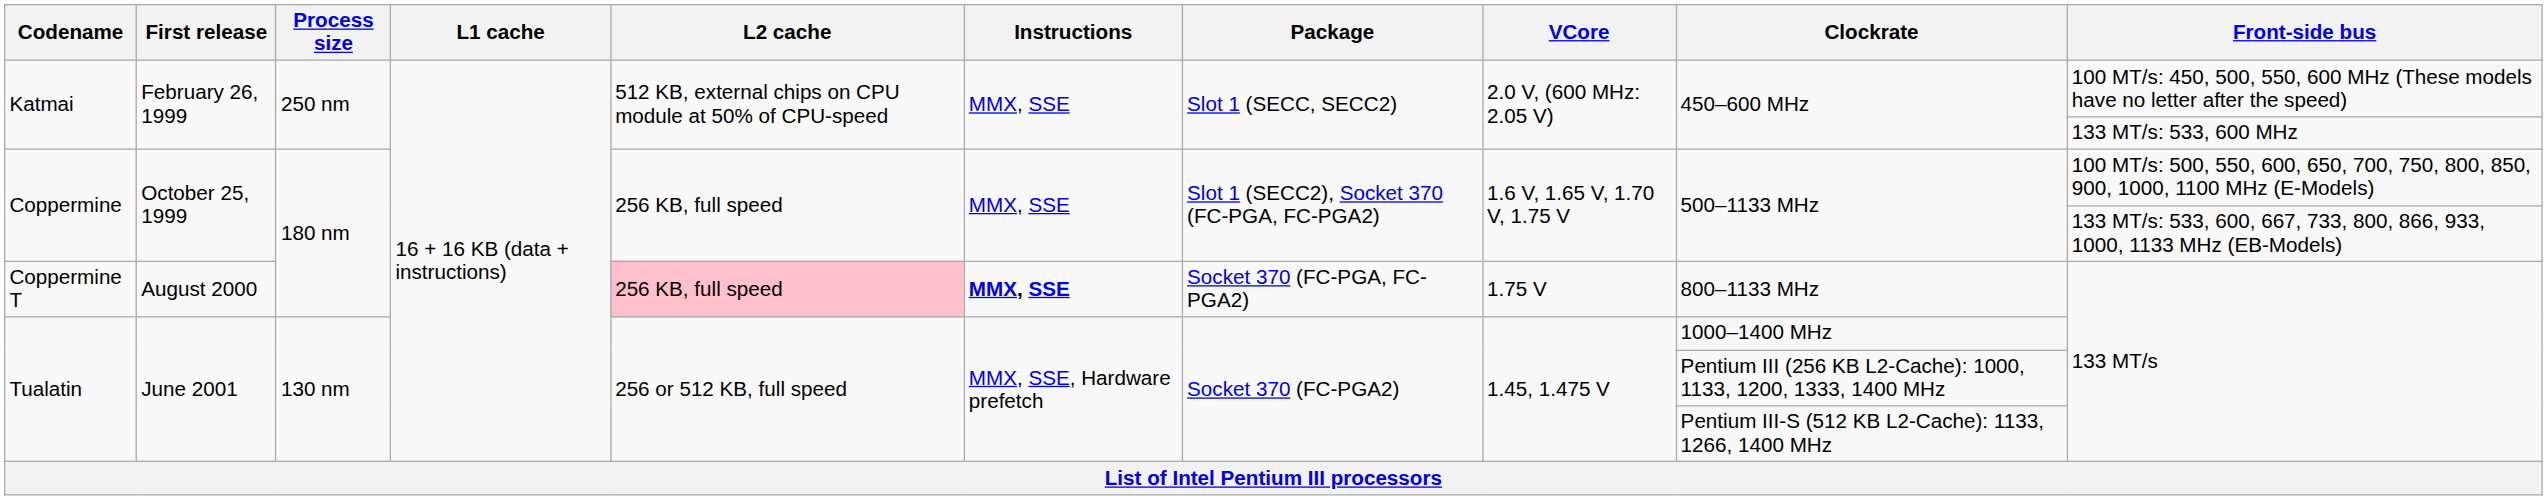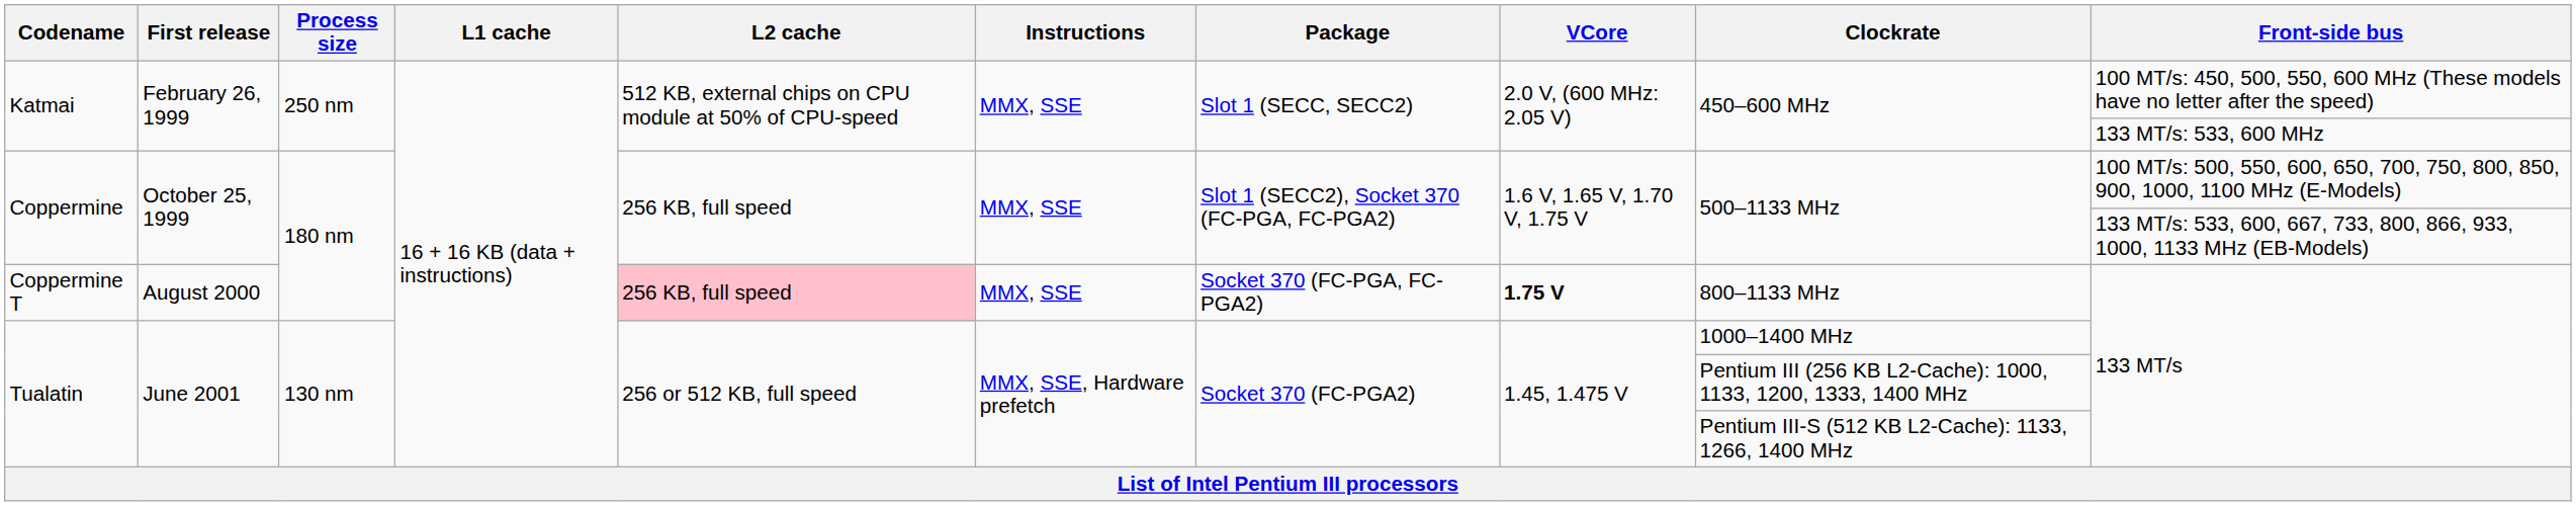 <table class="wikitable sortable">
 <tr>
 <th>Codename</th>
 <th>First release</th>
 <th><a href='#'>Process size</a></th>
 <th>L1 cache</th>
 <th>L2 cache</th>
 <th>Instructions</th>
 <th>Package</th>
 <th><a href='#'>VCore</a></th>
 <th>Clockrate</th>
 <th><a href='#'>Front-side bus</a></th>
 </tr>
 <tr>
 <td rowspan="2">Katmai</td>
 <td rowspan="2">February 26, 1999</td>
 <td rowspan="2">250 nm</td>
 <td rowspan="8">16 + 16 KB (data + instructions)</td>
 <td rowspan="2">512 KB, external chips on CPU module at 50% of CPU-speed</td>
 <td rowspan="2"><a href='#'>MMX</a>, <a href='#'>SSE</a></td>
 <td rowspan="2"><a href='#'>Slot 1</a> (SECC, SECC2)</td>
 <td rowspan="2">2.0 V, (600 MHz: 2.05 V)</td>
 <td rowspan="2">450–600 MHz</td>
 <td>100 MT/s: 450, 500, 550, 600 MHz (These models have no letter after the speed)</td>
 </tr>
 <tr>
 <td>133 MT/s: 533, 600 MHz</td>
 </tr>
 <tr>
 <td rowspan="2">Coppermine</td>
 <td rowspan="2">October 25, 1999</td>
 <td rowspan="3">180 nm</td>
 <td rowspan="2">256 KB, full speed</td>
 <td rowspan="2"><a href='#'>MMX</a>, <a href='#'>SSE</a></td>
 <td rowspan="2"><a href='#'>Slot 1</a> (SECC2), <a href='#'>Socket 370</a> (FC-PGA, FC-PGA2)</td>
 <td rowspan="2">1.6 V, 1.65 V, 1.70 V, 1.75 V</td>
 <td rowspan="2">500–1133 MHz</td>
 <td>100 MT/s: 500, 550, 600, 650, 700, 750, 800, 850, 900, 1000, 1100 MHz (E-Models)</td>
 </tr>
 <tr>
 <td>133 MT/s: 533, 600, 667, 733, 800, 866, 933, 1000, 1133 MHz (EB-Models)</td>
 </tr>
 <tr>
 <td>Coppermine T</td>
 <td>August 2000</td>
 <td style="background: pink;">256 KB, full speed</td>
-<td><strong><a href='#'>MMX</a>, <a href='#'>SSE</a></strong></td>
+<td><a href='#'>MMX</a>, <a href='#'>SSE</a></td>
 <td><a href='#'>Socket 370</a> (FC-PGA, FC-PGA2)</td>
-<td>1.75 V</td>
+<td><strong>1.75 V</strong></td>
 <td>800–1133 MHz</td>
 <td rowspan="4">133 MT/s</td>
 </tr>
 <tr>
 <td rowspan="3">Tualatin</td>
 <td rowspan="3">June 2001</td>
 <td rowspan="3">130 nm</td>
 <td rowspan="3">256 or 512 KB, full speed</td>
 <td rowspan="3"><a href='#'>MMX</a>, <a href='#'>SSE</a>, Hardware prefetch</td>
 <td rowspan="3"><a href='#'>Socket 370</a> (FC-PGA2)</td>
 <td rowspan="3">1.45, 1.475 V</td>
 <td>1000–1400 MHz</td>
 </tr>
 <tr>
 <td>Pentium III (256 KB L2-Cache): 1000, 1133, 1200, 1333, 1400 MHz</td>
 </tr>
 <tr>
 <td>Pentium III-S (512 KB L2-Cache): 1133, 1266, 1400 MHz</td>
 </tr>
 <tr>
 <th colspan="10"><strong><a href='#'>List of Intel Pentium III processors</a></strong></th>
 </tr>
 </table>
